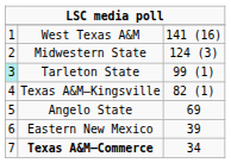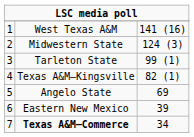 <table class="wikitable" style="display: inline-table;">
 <tr>
 <td align="center" Colspan="3"><strong>LSC media poll</strong></td>
 </tr>
 <tr align="center">
 </tr>
 <tr align="center">
 <td>1</td>
 <td>West Texas A&M</td>
 <td>141 (16)</td>
 </tr>
 <tr align="center">
 <td>2</td>
 <td>Midwestern State</td>
 <td>124 (3)</td>
 </tr>
 <tr align="center">
-<td style="background: paleturquoise;">3</td>
+<td>3</td>
 <td>Tarleton State</td>
 <td>99 (1)</td>
 </tr>
 <tr align="center">
 <td>4</td>
 <td>Texas A&M–Kingsville</td>
 <td>82 (1)</td>
 </tr>
 <tr align="center">
 <td>5</td>
 <td>Angelo State</td>
 <td>69</td>
 </tr>
 <tr align="center">
 <td>6</td>
 <td>Eastern New Mexico</td>
 <td>39</td>
 </tr>
 <tr align="center">
 <td>7</td>
 <td><strong>Texas A&M–Commerce</strong></td>
 <td>34</td>
 </tr>
 </table>
